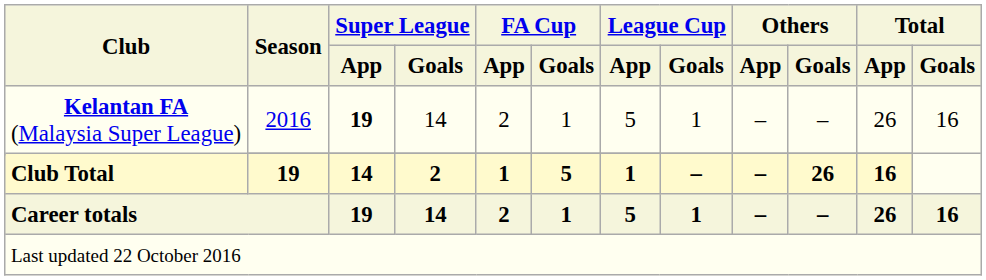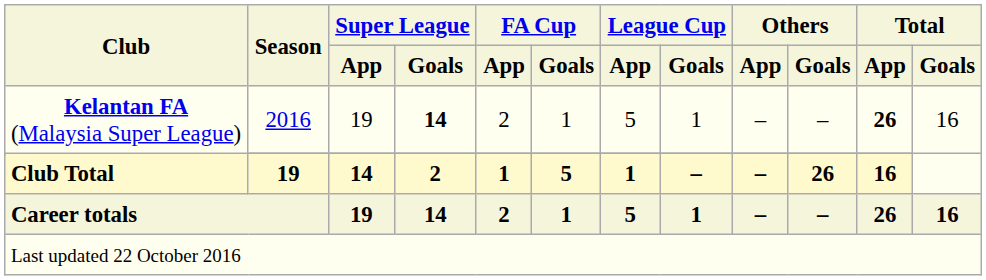 <table border=1 align=center cellpadding=4 cellspacing=2 style="background: ivory; font-size: 95%; border: 1px #aaaaaa solid; border-collapse: collapse; clear:center">
 <tr style="background:beige">
 <th rowspan="2">Club</th>
 <th rowspan="2">Season</th>
 <th colspan="2"><a href='#'>Super League</a></th>
 <th colspan="2"><a href='#'>FA Cup</a></th>
 <th colspan="2"><a href='#'>League Cup</a></th>
 <th colspan="2">Others</th>
 <th colspan="2">Total</th>
 </tr>
 <tr style="background:beige">
 <th>App</th>
 <th>Goals</th>
 <th>App</th>
 <th>Goals</th>
 <th>App</th>
 <th>Goals</th>
 <th>App</th>
 <th>Goals</th>
 <th>App</th>
 <th>Goals</th>
 </tr>
 <tr>
 <td rowspan="2" align=center valign=center><strong><a href='#'>Kelantan FA</a></strong><br>(<a href='#'>Malaysia Super League</a>)</td>
 <td align="center"><a href='#'>2016</a></td>
-<td align="center"><strong>19</strong></td>
-<td align="center">14</td>
+<td align="center">19</td>
+<td align="center"><strong>14</strong></td>
 <td align="center">2</td>
 <td align="center">1</td>
 <td align="center">5</td>
 <td align="center">1</td>
 <td align="center">–</td>
 <td align="center">–</td>
-<td align="center">26</td>
+<td align="center"><strong>26</strong></td>
 <td align="center">16</td>
 </tr>
 <tr>
 </tr>
 <tr style="background:lemonchiffon">
 <th colspan="1" align="left">Club Total</th>
 <th>19</th>
 <th>14</th>
 <th>2</th>
 <th>1</th>
 <th>5</th>
 <th>1</th>
 <th>–</th>
 <th>–</th>
 <th>26</th>
 <th>16</th>
 </tr>
 <tr>
 <th style="background:beige" colspan="2" align="left">Career totals</th>
 <th align=center style="background:beige">19</th>
 <th align=center style="background:beige">14</th>
 <th align=center style="background:beige">2</th>
 <th align=center style="background:beige">1</th>
 <th align=center style="background:beige">5</th>
 <th align=center style="background:beige">1</th>
 <th align=center style="background:beige">–</th>
 <th align=center style="background:beige">–</th>
 <th align=center style="background:beige">26</th>
 <th align=center style="background:beige">16</th>
 </tr>
 <tr>
 <td colspan="12"><small>Last updated 22 October 2016</small></td>
 </tr>
 </table>
